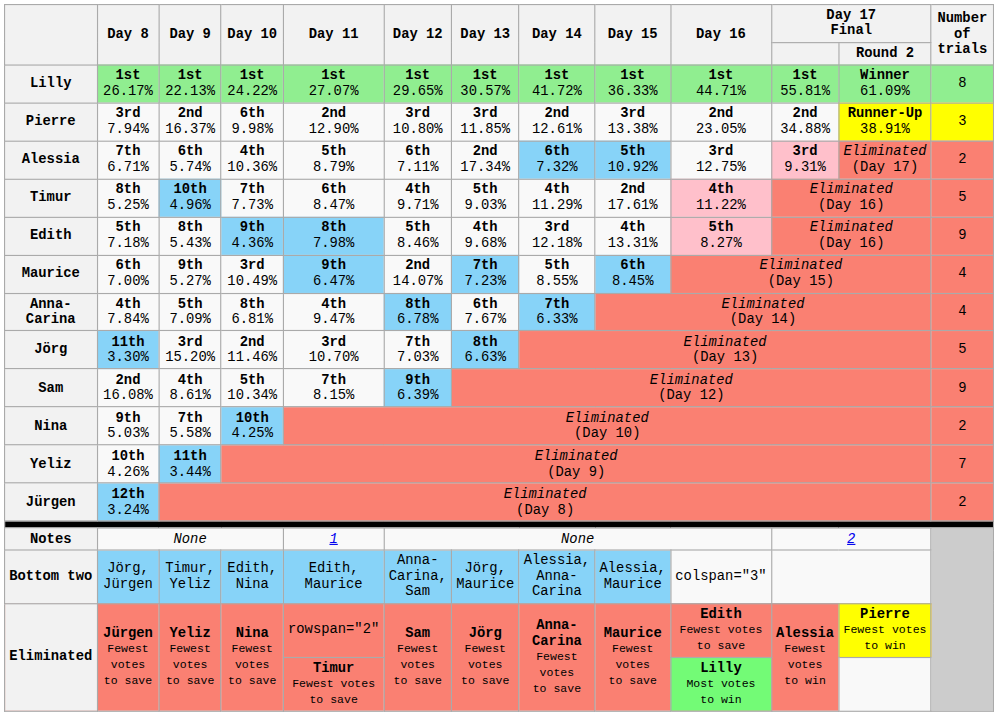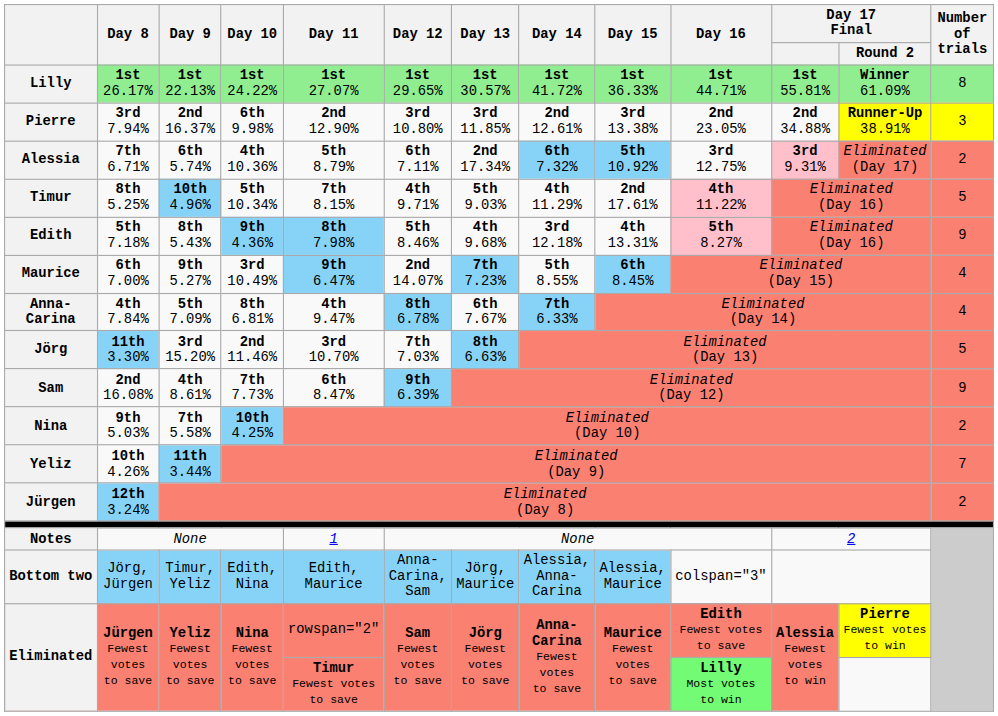 <table class="wikitable" style="text-align:center; font-size:95%; width:100%;">
 <tr>
 <th style="width:6%" rowspan="2"></th>
 <th style="width:6%" rowspan="2">Day 8</th>
 <th style="width:6%" rowspan="2">Day 9</th>
 <th style="width:6%" rowspan="2">Day 10</th>
 <th style="width:6%" rowspan="2">Day 11</th>
 <th style="width:6%" rowspan="2">Day 12</th>
 <th style="width:6%" rowspan="2">Day 13</th>
 <th style="width:6%" rowspan="2">Day 14</th>
 <th style="width:6%" rowspan="2">Day 15</th>
 <th style="width:6%" rowspan="2">Day 16</th>
 <th style="width:12%" colspan="2">Day 17<br>Final</th>
 <th style="width:6%" rowspan="2">Number of trials</th>
 </tr>
 <tr>
 <th style="width:6%"></th>
 <th style="width:6%">Round 2</th>
 </tr>
 <tr>
 <th>Lilly</th>
 <td style="background:lightgreen"><strong>1st</strong><br>26.17%</td>
 <td style="background:lightgreen"><strong>1st</strong><br>22.13%</td>
 <td style="background:lightgreen"><strong>1st</strong><br>24.22%</td>
 <td style="background:lightgreen"><strong>1st</strong><br>27.07%</td>
 <td style="background:lightgreen"><strong>1st</strong><br>29.65%</td>
 <td style="background:lightgreen"><strong>1st</strong><br>30.57%</td>
 <td style="background:lightgreen"><strong>1st</strong><br>41.72%</td>
 <td style="background:lightgreen"><strong>1st</strong><br>36.33%</td>
 <td style="background:lightgreen"><strong>1st</strong><br>44.71%</td>
 <td style="background:lightgreen"><strong>1st</strong><br>55.81%</td>
 <td style="background:lightgreen"><strong>Winner</strong><br>61.09%</td>
 <td style="background:lightgreen">8</td>
 </tr>
 <tr>
 <th>Pierre</th>
 <td><strong>3rd</strong><br>7.94%</td>
 <td><strong>2nd</strong><br>16.37%</td>
 <td><strong>6th</strong><br>9.98%</td>
 <td><strong>2nd</strong><br>12.90%</td>
 <td><strong>3rd</strong><br>10.80%</td>
 <td><strong>3rd</strong><br>11.85%</td>
 <td><strong>2nd</strong><br>12.61%</td>
 <td><strong>3rd</strong><br>13.38%</td>
 <td><strong>2nd</strong><br>23.05%</td>
 <td><strong>2nd</strong><br>34.88%</td>
 <td style="background:yellow"><strong>Runner-Up</strong><br>38.91%</td>
 <td style="background:yellow">3</td>
 </tr>
 <tr>
 <th>Alessia</th>
 <td><strong>7th</strong><br>6.71%</td>
 <td><strong>6th</strong><br>5.74%</td>
 <td><strong>4th</strong><br>10.36%</td>
 <td><strong>5th</strong><br>8.79%</td>
 <td><strong>6th</strong><br>7.11%</td>
 <td><strong>2nd</strong><br>17.34%</td>
 <td style="background:#87D3F8"><strong>6th</strong><br>7.32%</td>
 <td style="background:#87D3F8"><strong>5th</strong><br>10.92%</td>
 <td><strong>3rd</strong><br>12.75%</td>
 <td style="background:pink"><strong>3rd</strong><br>9.31%</td>
 <td style="background:salmon;" colspan="1"><em>Eliminated</em><br>(Day 17)</td>
 <td style="background:salmon;">2</td>
 </tr>
 <tr>
 <th>Timur</th>
 <td><strong>8th</strong><br>5.25%</td>
 <td style="background:#87D3F8"><strong>10th</strong><br>4.96%</td>
-<td><strong>7th</strong><br>7.73%</td>
-<td><strong>6th</strong><br>8.47%</td>
+<td><strong>5th</strong><br>10.34%</td>
+<td><strong>7th</strong><br>8.15%</td>
 <td><strong>4th</strong><br>9.71%</td>
 <td><strong>5th</strong><br>9.03%</td>
 <td><strong>4th</strong><br>11.29%</td>
 <td><strong>2nd</strong><br>17.61%</td>
 <td style="background:pink"><strong>4th</strong><br>11.22%</td>
 <td style="background:salmon;" colspan="2"><em>Eliminated</em><br>(Day 16)</td>
 <td style="background:salmon;">5</td>
 </tr>
 <tr>
 <th>Edith</th>
 <td><strong>5th</strong><br>7.18%</td>
 <td><strong>8th</strong><br>5.43%</td>
 <td style="background:#87D3F8"><strong>9th</strong><br>4.36%</td>
 <td style="background:#87D3F8"><strong>8th</strong><br>7.98%</td>
 <td><strong>5th</strong><br>8.46%</td>
 <td><strong>4th</strong><br>9.68%</td>
 <td><strong>3rd</strong><br>12.18%</td>
 <td><strong>4th</strong><br>13.31%</td>
 <td style="background:pink"><strong>5th</strong><br>8.27%</td>
 <td style="background:salmon;" colspan="2"><em>Eliminated</em><br>(Day 16)</td>
 <td style="background:salmon;">9</td>
 </tr>
 <tr>
 <th>Maurice</th>
 <td><strong>6th</strong><br>7.00%</td>
 <td><strong>9th</strong><br>5.27%</td>
 <td><strong>3rd</strong><br>10.49%</td>
 <td style="background:#87D3F8"><strong>9th</strong><br>6.47%</td>
 <td><strong>2nd</strong><br>14.07%</td>
 <td style="background:#87D3F8"><strong>7th</strong><br>7.23%</td>
 <td><strong>5th</strong><br>8.55%</td>
 <td style="background:#87D3F8"><strong>6th</strong><br>8.45%</td>
 <td style="background:salmon;" colspan="3"><em>Eliminated</em><br>(Day 15)</td>
 <td style="background:salmon;">4</td>
 </tr>
 <tr>
 <th>Anna-Carina</th>
 <td><strong>4th</strong><br>7.84%</td>
 <td><strong>5th</strong><br>7.09%</td>
 <td><strong>8th</strong><br>6.81%</td>
 <td><strong>4th</strong><br>9.47%</td>
 <td style="background:#87D3F8"><strong>8th</strong><br>6.78%</td>
 <td><strong>6th</strong><br>7.67%</td>
 <td style="background:#87D3F8"><strong>7th</strong><br>6.33%</td>
 <td style="background:salmon;" colspan="4"><em>Eliminated</em><br>(Day 14)</td>
 <td style="background:salmon;">4</td>
 </tr>
 <tr>
 <th>Jörg</th>
 <td style="background:#87D3F8"><strong>11th</strong><br>3.30%</td>
 <td><strong>3rd</strong><br>15.20%</td>
 <td><strong>2nd</strong><br>11.46%</td>
 <td><strong>3rd</strong><br>10.70%</td>
 <td><strong>7th</strong><br>7.03%</td>
 <td style="background:#87D3F8"><strong>8th</strong><br>6.63%</td>
 <td style="background:salmon;" colspan="5"><em>Eliminated</em><br>(Day 13)</td>
 <td style="background:salmon;">5</td>
 </tr>
 <tr>
 <th>Sam</th>
 <td><strong>2nd</strong><br>16.08%</td>
 <td><strong>4th</strong><br>8.61%</td>
-<td><strong>5th</strong><br>10.34%</td>
-<td><strong>7th</strong><br>8.15%</td>
+<td><strong>7th</strong><br>7.73%</td>
+<td><strong>6th</strong><br>8.47%</td>
 <td style="background:#87D3F8"><strong>9th</strong><br>6.39%</td>
 <td style="background:salmon;" colspan="6"><em>Eliminated</em><br>(Day 12)</td>
 <td style="background:salmon;">9</td>
 </tr>
 <tr>
 <th>Nina</th>
 <td><strong>9th</strong><br>5.03%</td>
 <td><strong>7th</strong><br>5.58%</td>
 <td style="background:#87D3F8"><strong>10th</strong><br>4.25%</td>
 <td style="background:salmon;" colspan="8"><em>Eliminated</em><br>(Day 10)</td>
 <td style="background:salmon;">2</td>
 </tr>
 <tr>
 <th>Yeliz</th>
 <td><strong>10th</strong><br>4.26%</td>
 <td style="background:#87D3F8"><strong>11th</strong><br>3.44%</td>
 <td style="background:salmon;" colspan="9"><em>Eliminated</em><br>(Day 9)</td>
 <td style="background:salmon;">7</td>
 </tr>
 <tr>
 <th>Jürgen</th>
 <td style="background:#87D3F8"><strong>12th</strong><br>3.24%</td>
 <td style="background:salmon;" colspan="10"><em>Eliminated</em><br>(Day 8)</td>
 <td style="background:salmon;">2</td>
 </tr>
 <tr>
 <td style="background:#000;" colspan="13"></td>
 </tr>
 <tr>
 <th>Notes</th>
 <td colspan="3"><em>None</em></td>
 <td><cite><a href='#'>1</a></cite></td>
 <td colspan="5"><em>None</em></td>
 <td colspan="2"><cite><a href='#'>2</a></cite></td>
 <td rowspan="4" style=background:#ccc></td>
 </tr>
 <tr>
 <th>Bottom two</th>
 <td style="background:#87d3f8;">Jörg,<br>Jürgen</td>
 <td style="background:#87d3f8;">Timur,<br>Yeliz</td>
 <td style="background:#87d3f8;">Edith,<br>Nina</td>
 <td style="background:#87d3f8;">Edith,<br>Maurice</td>
 <td style="background:#87d3f8;">Anna-Carina,<br>Sam</td>
 <td style="background:#87d3f8;">Jörg,<br>Maurice</td>
 <td style="background:#87d3f8;">Alessia,<br>Anna-Carina</td>
 <td style="background:#87d3f8;">Alessia,<br>Maurice</td>
 <td>colspan="3" </td>
 </tr>
 <tr style="background:salmon;">
 <th rowspan="2">Eliminated</th>
 <td rowspan="2"><strong>Jürgen</strong><br><small>Fewest votes<br>to save</small></td>
 <td rowspan="2"><strong>Yeliz</strong><br><small>Fewest votes<br>to save</small></td>
 <td rowspan="2"><strong>Nina</strong><br><small>Fewest votes<br>to save</small></td>
 <td>rowspan="2" </td>
 <td rowspan="2"><strong>Sam</strong><br><small>Fewest votes<br>to save</small></td>
 <td rowspan="2"><strong>Jörg</strong><br><small>Fewest votes<br>to save</small></td>
 <td rowspan="2"><strong>Anna-Carina</strong><br><small>Fewest votes<br>to save</small></td>
 <td rowspan="2"><strong>Maurice</strong><br><small>Fewest votes<br>to save</small></td>
 <td><strong>Edith</strong><br><small>Fewest votes<br>to save</small></td>
 <td rowspan="2"><strong>Alessia</strong><br><small>Fewest votes<br>to win</small></td>
 <td style="background:yellow"><strong>Pierre</strong><br><small>Fewest votes<br>to win</small></td>
 </tr>
 <tr style="background:salmon;">
 <td><strong>Timur</strong><br><small>Fewest votes<br>to save</small></td>
 <td style="background:#73FB76"><strong>Lilly</strong><br><small>Most votes<br>to win</small></td>
 </tr>
 </table>
